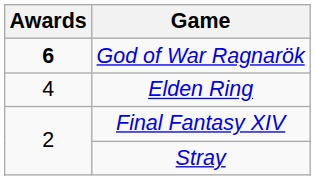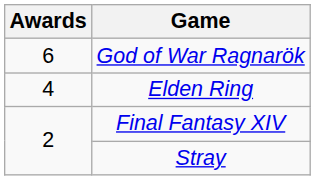 <table class="wikitable floatleft" rowspan="2" style="text-align:center;" background: #f6e39c;>
 <tr>
 <th style="width:55px;">Awards</th>
 <th style="text-align:center;">Game</th>
 </tr>
 <tr>
-<td><strong>6</strong></td>
+<td>6</td>
 <td><em><a href='#'>God of War Ragnarök</a></em></td>
 </tr>
 <tr>
 <td>4</td>
 <td><em><a href='#'>Elden Ring</a></em></td>
 </tr>
 <tr>
 <td rowspan="2">2</td>
 <td><em><a href='#'>Final Fantasy XIV</a></em></td>
 </tr>
 <tr>
 <td><em><a href='#'>Stray</a></em></td>
 </tr>
 </table>
